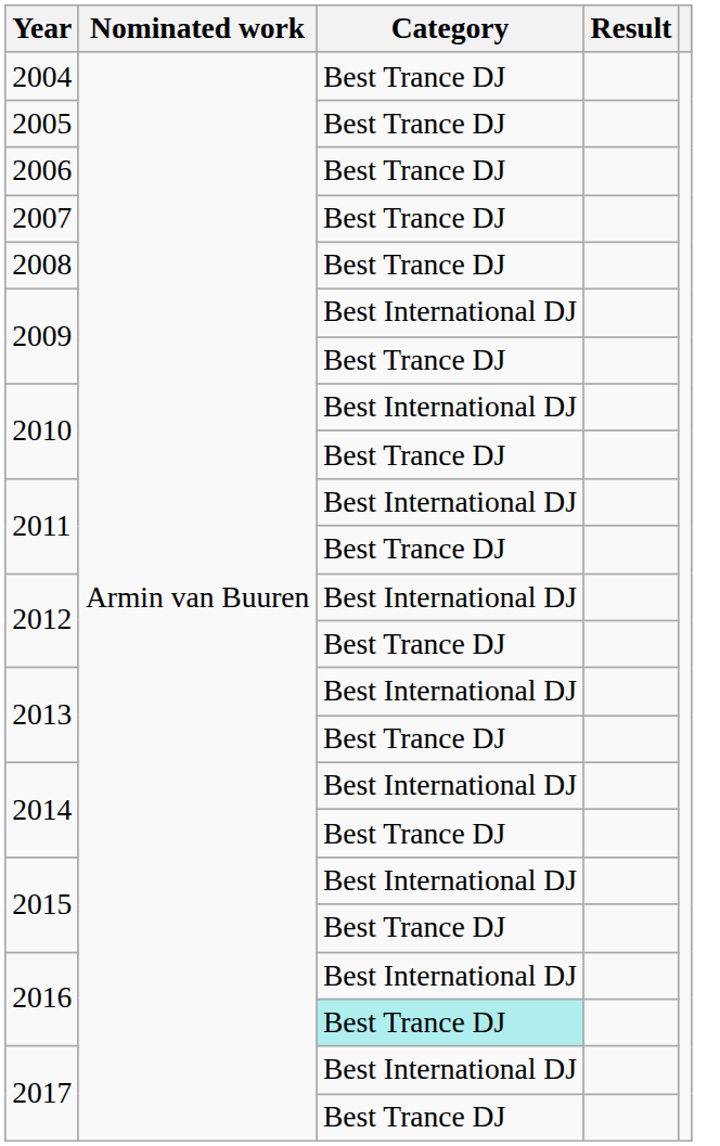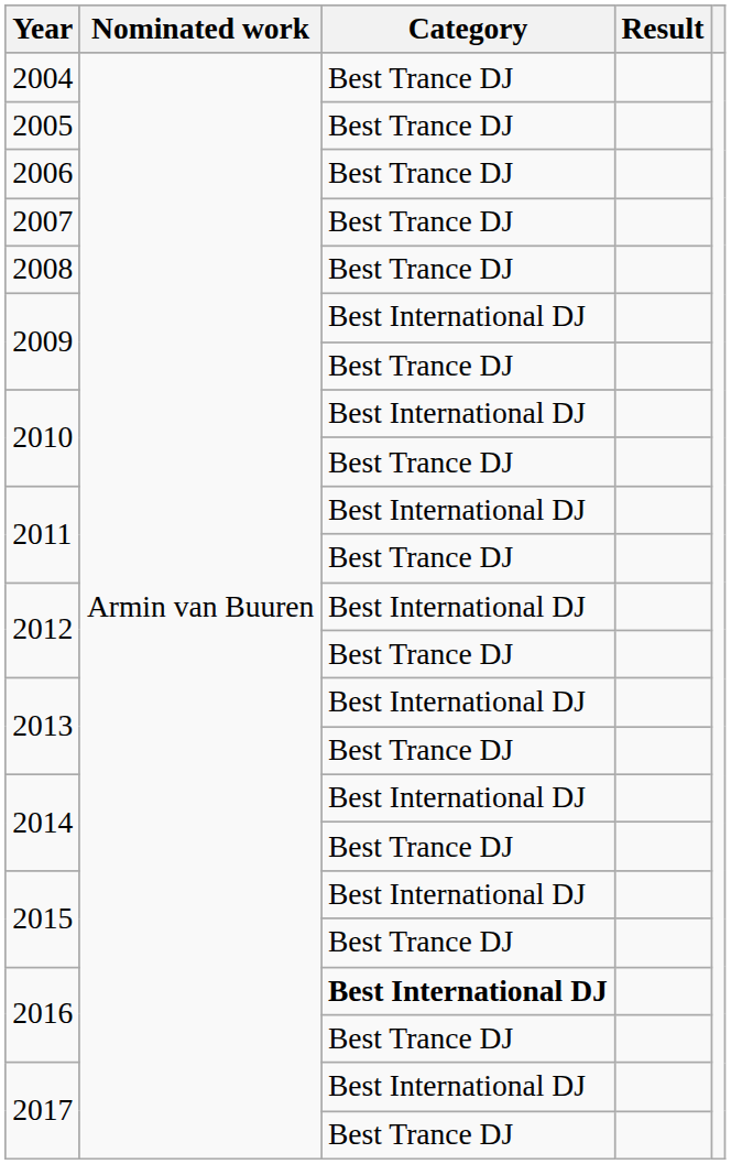 <table class=wikitable>
 <tr>
 <th>Year</th>
 <th>Nominated work</th>
 <th>Category</th>
 <th>Result</th>
 <th></th>
 </tr>
 <tr>
 <td>2004</td>
 <td rowspan="23">Armin van Buuren</td>
 <td>Best Trance DJ</td>
 <td></td>
 <td rowspan="23"></td>
 </tr>
 <tr>
 <td>2005</td>
 <td>Best Trance DJ</td>
 <td></td>
 </tr>
 <tr>
 <td>2006</td>
 <td>Best Trance DJ</td>
 <td></td>
 </tr>
 <tr>
 <td>2007</td>
 <td>Best Trance DJ</td>
 <td></td>
 </tr>
 <tr>
 <td>2008</td>
 <td>Best Trance DJ</td>
 <td></td>
 </tr>
 <tr>
 <td rowspan="2">2009</td>
 <td>Best International DJ</td>
 <td></td>
 </tr>
 <tr>
 <td>Best Trance DJ</td>
 <td></td>
 </tr>
 <tr>
 <td rowspan="2">2010</td>
 <td>Best International DJ</td>
 <td></td>
 </tr>
 <tr>
 <td>Best Trance DJ</td>
 <td></td>
 </tr>
 <tr>
 <td rowspan="2">2011</td>
 <td>Best International DJ</td>
 <td></td>
 </tr>
 <tr>
 <td>Best Trance DJ</td>
 <td></td>
 </tr>
 <tr>
 <td rowspan="2">2012</td>
 <td>Best International DJ</td>
 <td></td>
 </tr>
 <tr>
 <td>Best Trance DJ</td>
 <td></td>
 </tr>
 <tr>
 <td rowspan="2">2013</td>
 <td>Best International DJ</td>
 <td></td>
 </tr>
 <tr>
 <td>Best Trance DJ</td>
 <td></td>
 </tr>
 <tr>
 <td rowspan="2">2014</td>
 <td>Best International DJ</td>
 <td></td>
 </tr>
 <tr>
 <td>Best Trance DJ</td>
 <td></td>
 </tr>
 <tr>
 <td rowspan="2">2015</td>
 <td>Best International DJ</td>
 <td></td>
 </tr>
 <tr>
 <td>Best Trance DJ</td>
 <td></td>
 </tr>
 <tr>
 <td rowspan="2">2016</td>
-<td>Best International DJ</td>
+<td><strong>Best International DJ</strong></td>
 <td></td>
 </tr>
 <tr>
-<td style="background: paleturquoise;">Best Trance DJ</td>
+<td>Best Trance DJ</td>
 <td></td>
 </tr>
 <tr>
 <td rowspan="2">2017</td>
 <td>Best International DJ</td>
 <td></td>
 </tr>
 <tr>
 <td>Best Trance DJ</td>
 <td></td>
 </tr>
 </table>
